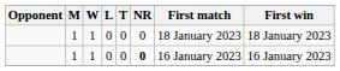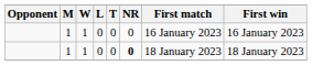 <table class="wikitable" style="text-align: center;">
 <tr>
 </tr>
 <tr>
 <th>Opponent</th>
 <th>M</th>
 <th>W</th>
 <th>L</th>
 <th>T</th>
 <th>NR</th>
 <th>First match</th>
 <th>First win</th>
 </tr>
 <tr>
 <td></td>
 <td>1</td>
 <td>1</td>
 <td>0</td>
 <td>0</td>
 <td>0</td>
-<td>18 January 2023</td>
-<td>18 January 2023</td>
+<td>16 January 2023</td>
+<td>16 January 2023</td>
 </tr>
 <tr>
 <td></td>
 <td>1</td>
 <td>1</td>
 <td>0</td>
 <td>0</td>
 <td><strong>0</strong></td>
-<td>16 January 2023</td>
-<td>16 January 2023</td>
+<td>18 January 2023</td>
+<td>18 January 2023</td>
 </tr>
 <tr>
 </tr>
 </table>
